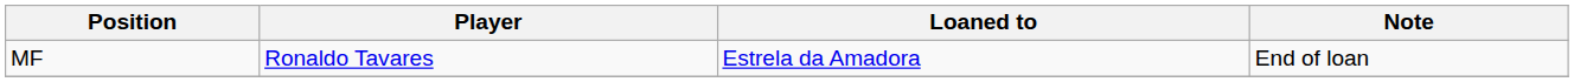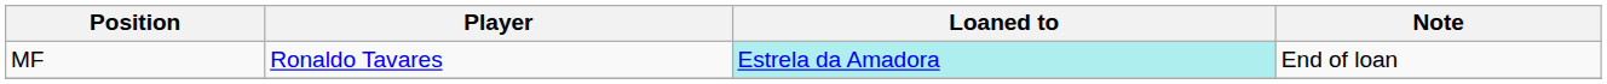 <table class="wikitable sortable" style="width:70%; text-align:center; font-size:100%; text-align:left;">
 <tr>
 <th>Position</th>
 <th>Player</th>
 <th>Loaned to</th>
 <th>Note</th>
 </tr>
 <tr>
 <td>MF</td>
 <td> <a href='#'>Ronaldo Tavares</a></td>
-<td> <a href='#'>Estrela da Amadora</a></td>
+<td style="background: paleturquoise;"> <a href='#'>Estrela da Amadora</a></td>
 <td>End of loan</td>
 </tr>
 <tr>
 </tr>
 </table>
